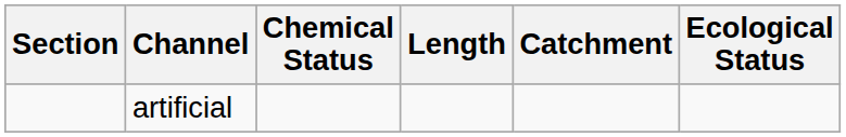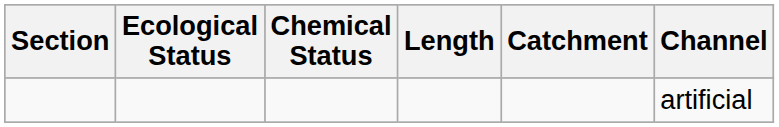 <table class="wikitable">
 <tr>
 <th>Section</th>
-<th>Channel</th>
+<th>Ecological<br>Status</th>
 <th>Chemical<br>Status</th>
 <th>Length</th>
 <th>Catchment</th>
-<th>Ecological<br>Status</th>
+<th>Channel</th>
 </tr>
 <tr>
-<td></td>
-<td>artificial</td>
 <td></td>
 <td></td>
 <td></td>
 <td></td>
+<td></td>
+<td>artificial</td>
 </tr>
 </table>
